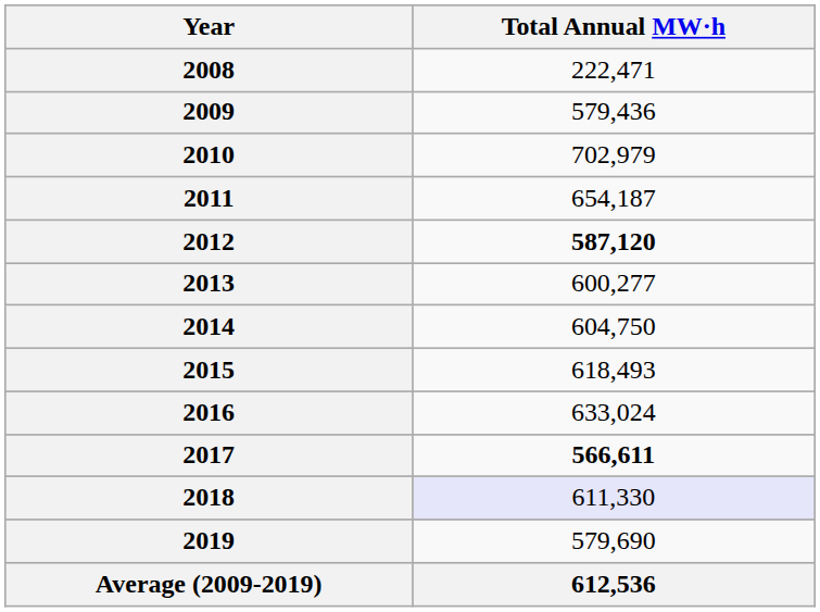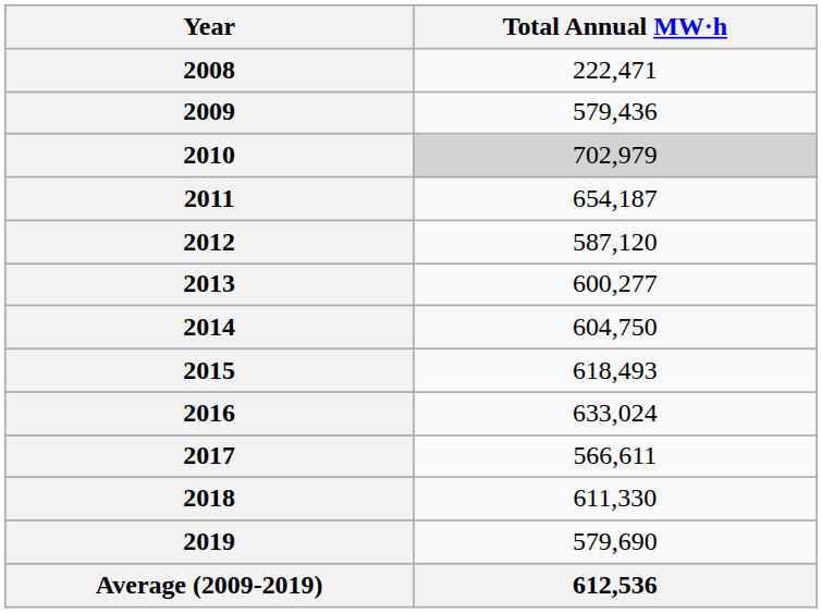 <table class=wikitable style="text-align:center; font-size:0.9em; width:450px;">
 <tr>
 <th>Year</th>
 <th>Total Annual <a href='#'>MW·h</a></th>
 </tr>
 <tr>
 <th>2008</th>
 <td>222,471</td>
 </tr>
 <tr>
 <th>2009</th>
 <td>579,436</td>
 </tr>
 <tr>
 <th>2010</th>
-<td>702,979</td>
+<td style="background: lightgrey;">702,979</td>
 </tr>
 <tr>
 <th>2011</th>
 <td>654,187</td>
 </tr>
 <tr>
 <th>2012</th>
-<td><strong>587,120</strong></td>
+<td>587,120</td>
 </tr>
 <tr>
 <th>2013</th>
 <td>600,277</td>
 </tr>
 <tr>
 <th>2014</th>
 <td>604,750</td>
 </tr>
 <tr>
 <th>2015</th>
 <td>618,493</td>
 </tr>
 <tr>
 <th>2016</th>
 <td>633,024</td>
 </tr>
 <tr>
 <th>2017</th>
-<td><strong>566,611</strong></td>
+<td>566,611</td>
 </tr>
 <tr>
 <th>2018</th>
-<td style="background: lavender;">611,330</td>
+<td>611,330</td>
 </tr>
 <tr>
 <th>2019</th>
 <td>579,690</td>
 </tr>
 <tr>
 <th>Average (2009-2019)</th>
 <th>612,536</th>
 </tr>
 </table>
